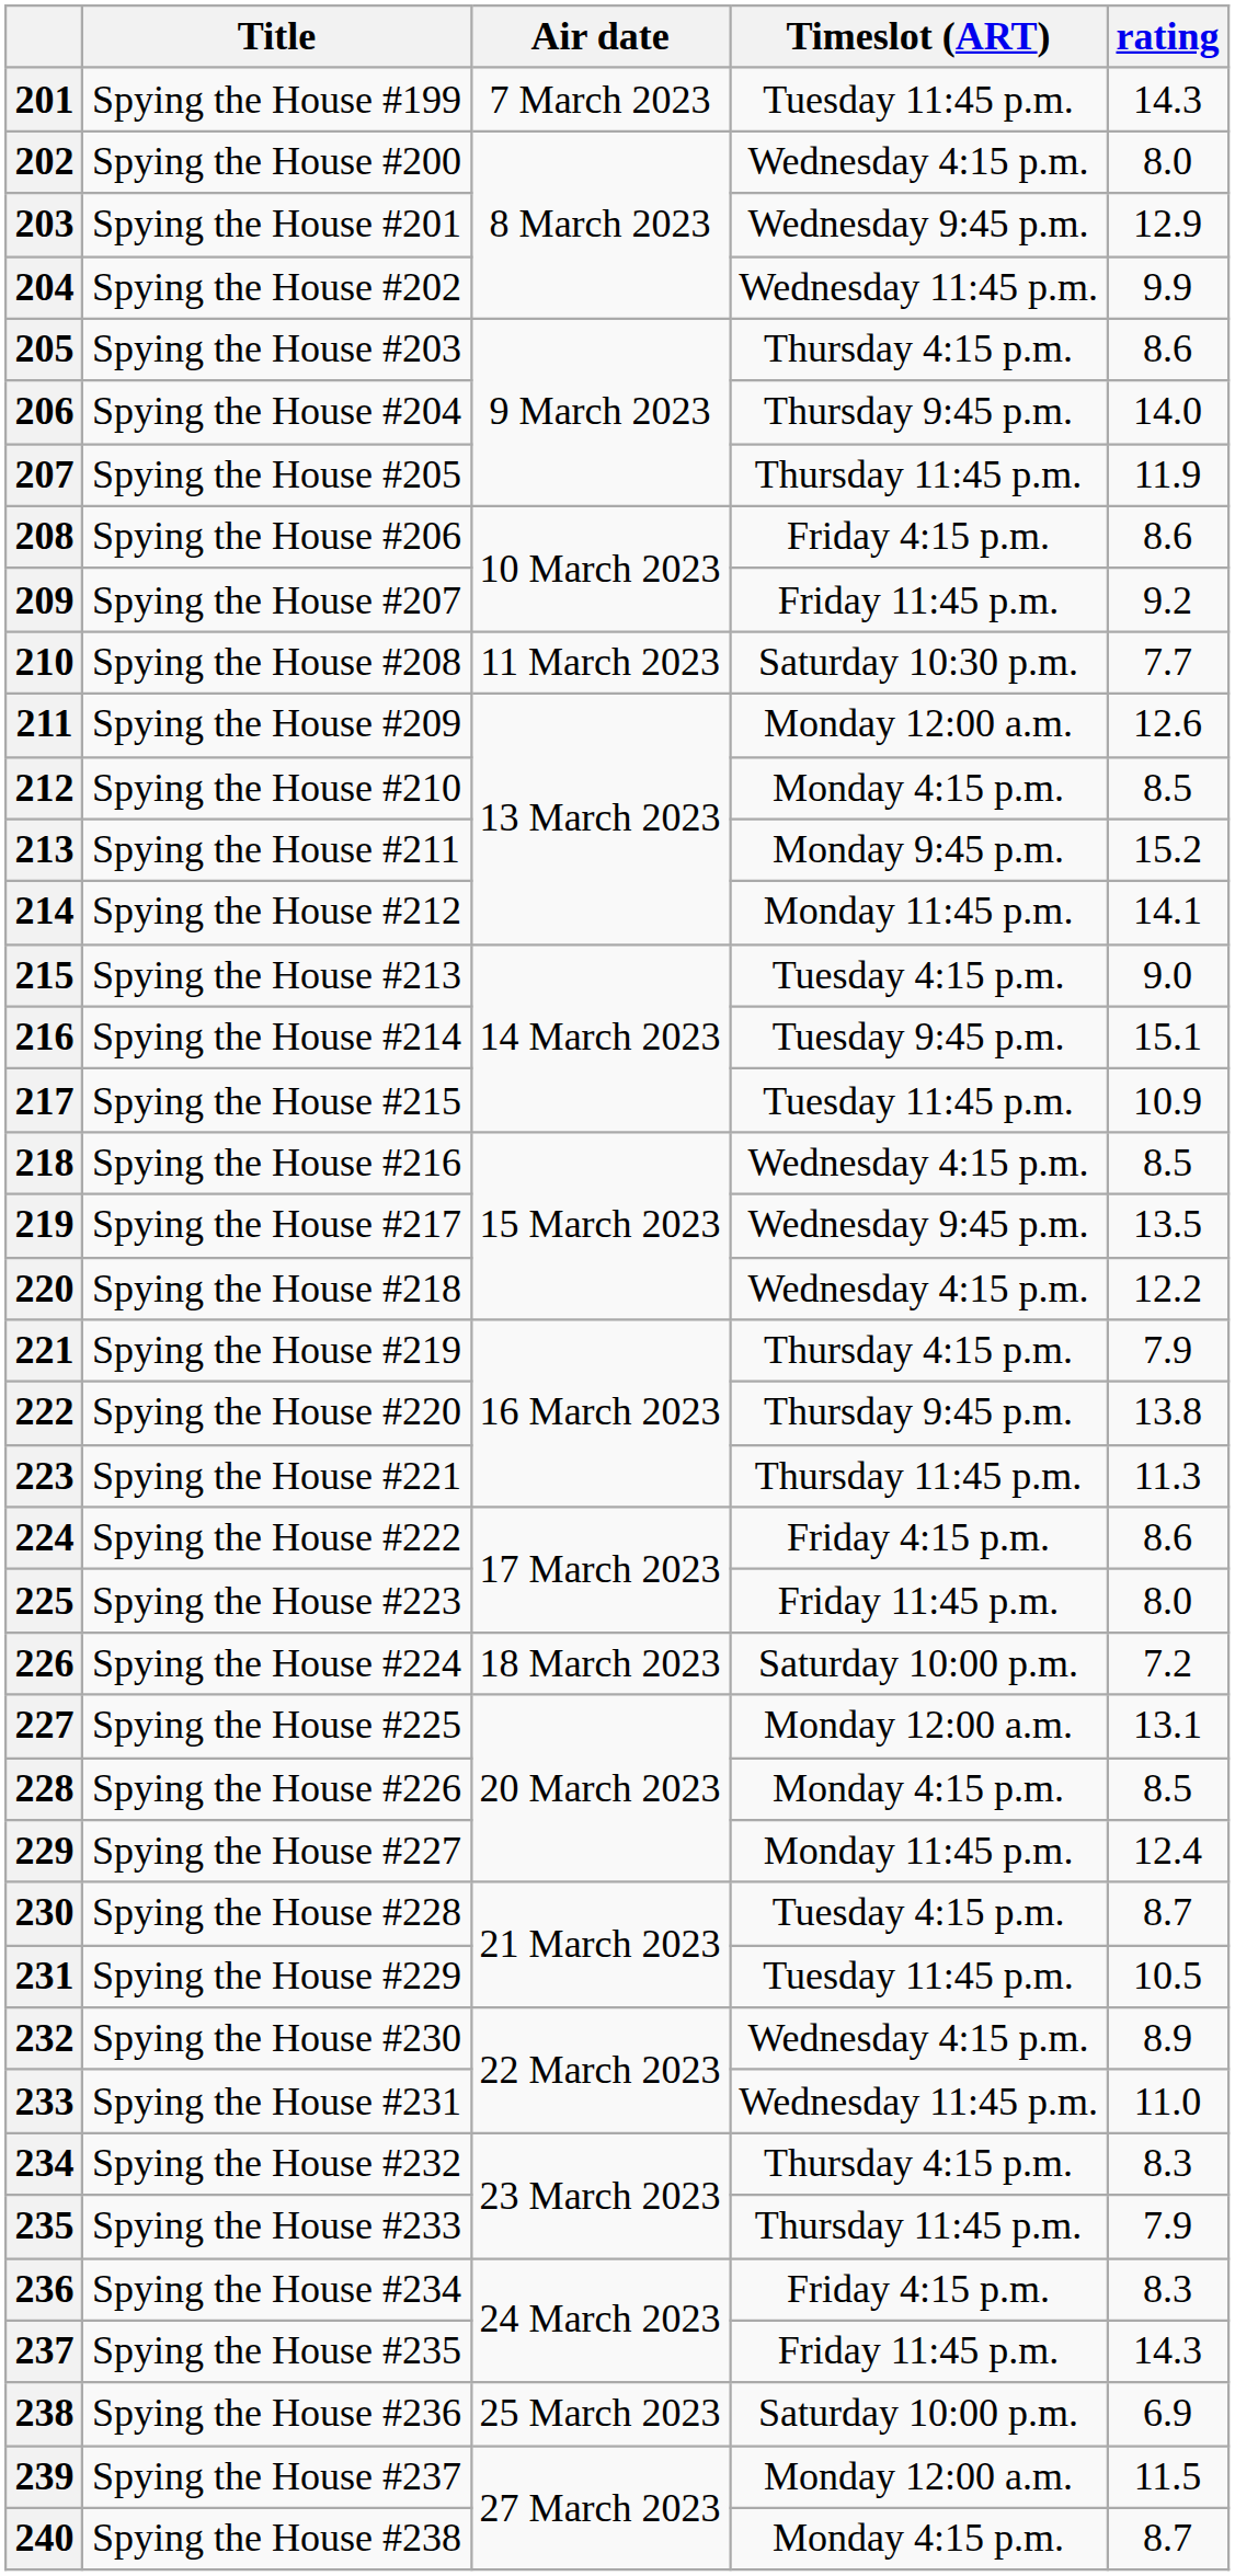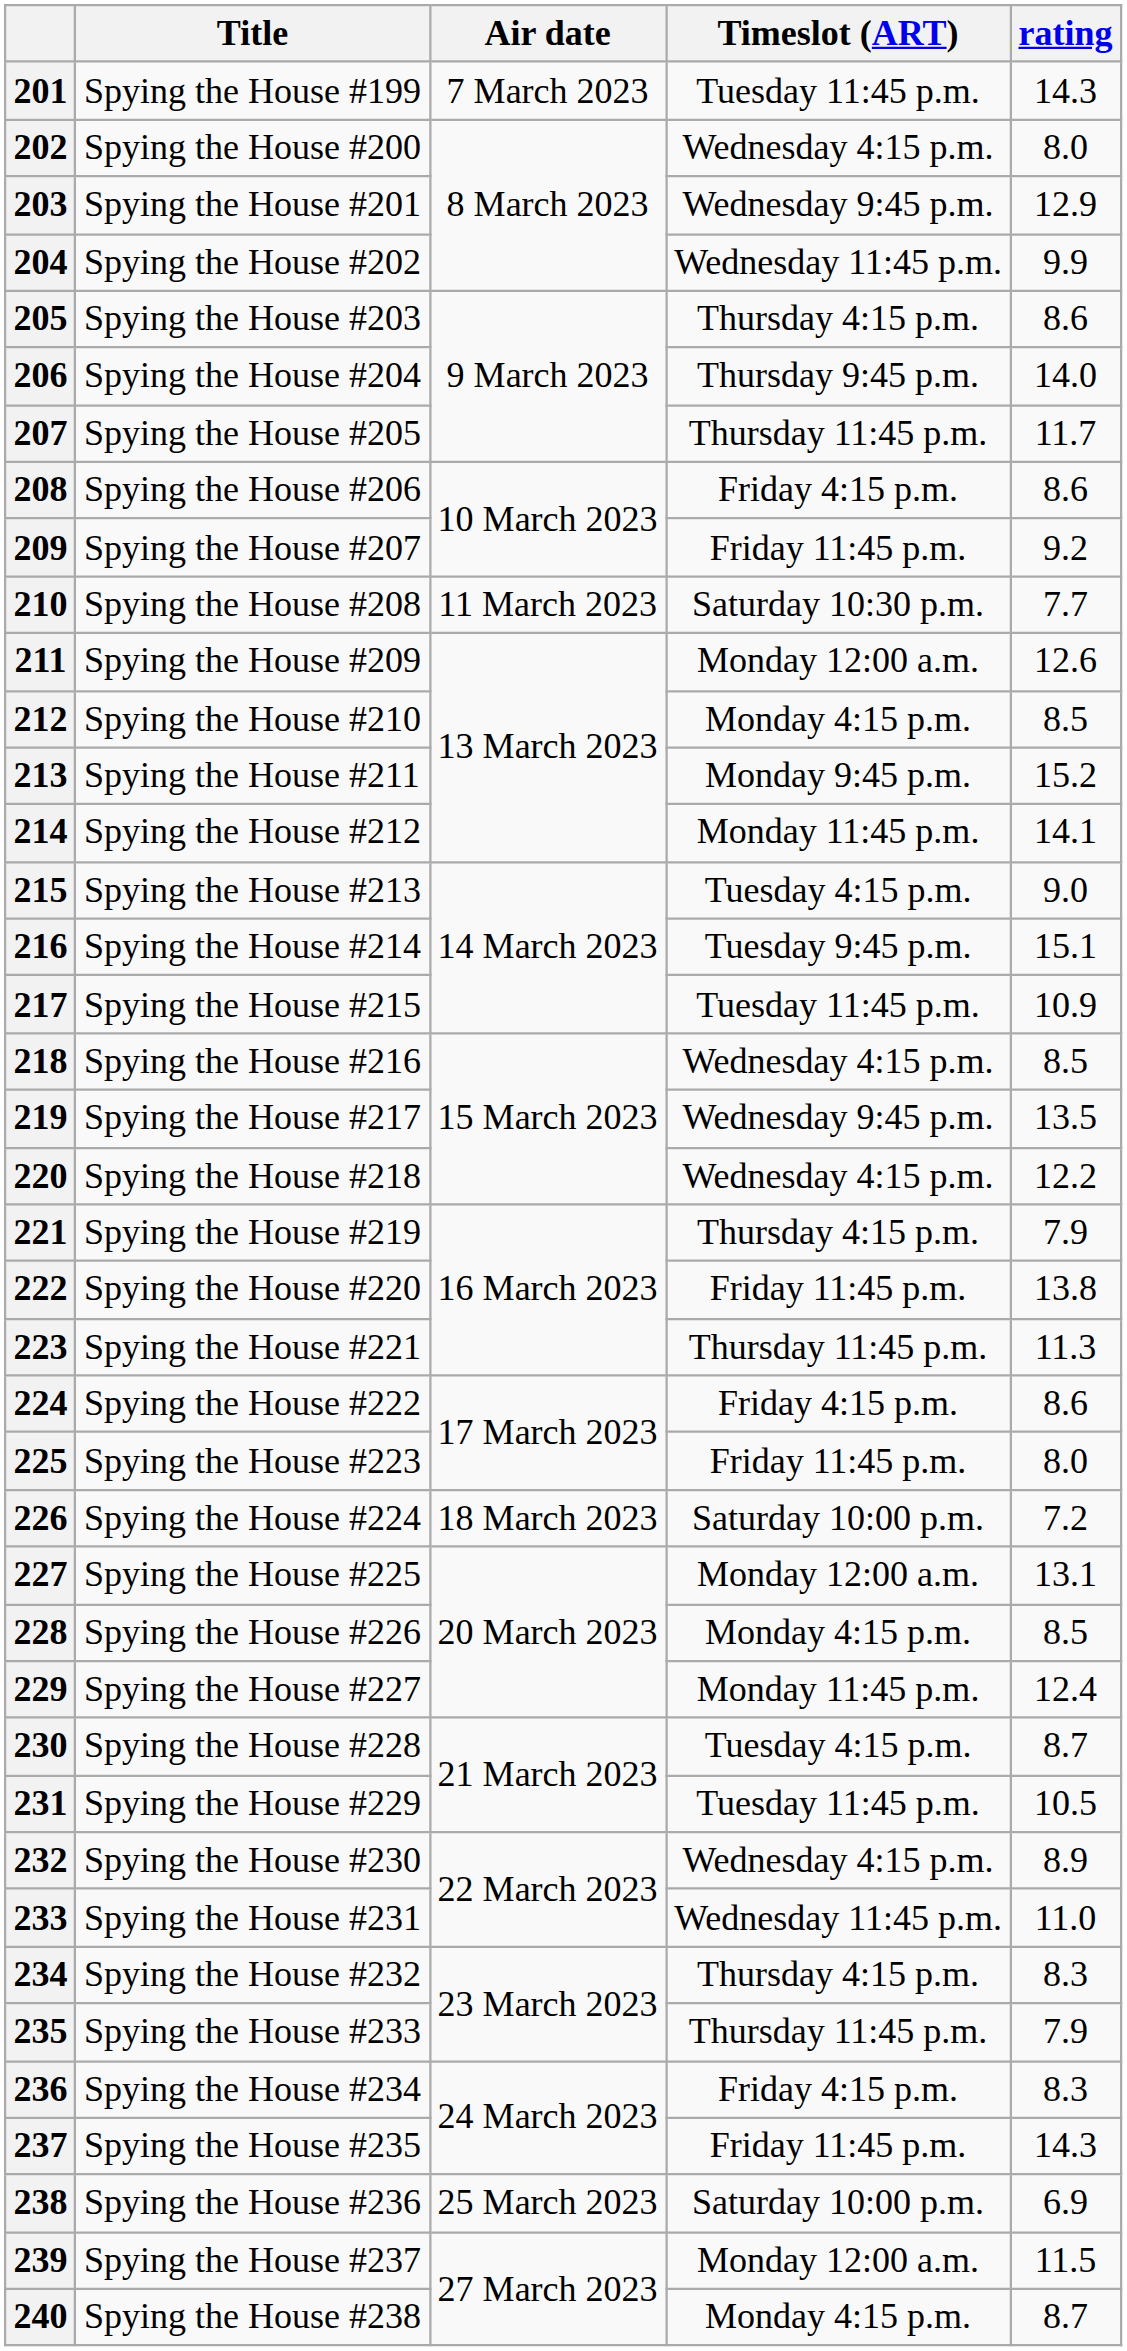 <table class="wikitable sortable plainrowheaders mw-collapsible mw-collapsed" style="text-align:center">
 <tr>
 <th></th>
 <th>Title</th>
 <th>Air date</th>
 <th>Timeslot (<a href='#'>ART</a>)</th>
 <th> <a href='#'>rating</a></th>
 </tr>
 <tr>
 <th scope="row" style="text-align:center">201</th>
 <td style="text-align: left;">Spying the House #199</td>
 <td>7 March 2023</td>
 <td>Tuesday 11:45 p.m.</td>
 <td>14.3</td>
 </tr>
 <tr>
 <th scope="row" style="text-align:center">202</th>
 <td style="text-align: left;">Spying the House #200</td>
 <td rowspan="3">8 March 2023</td>
 <td>Wednesday 4:15 p.m.</td>
 <td>8.0</td>
 </tr>
 <tr>
 <th scope="row" style="text-align:center">203</th>
 <td style="text-align: left;">Spying the House #201</td>
 <td>Wednesday 9:45 p.m.</td>
 <td>12.9</td>
 </tr>
 <tr>
 <th scope="row" style="text-align:center">204</th>
 <td style="text-align: left;">Spying the House #202</td>
 <td>Wednesday 11:45 p.m.</td>
 <td>9.9</td>
 </tr>
 <tr>
 <th scope="row" style="text-align:center">205</th>
 <td style="text-align: left;">Spying the House #203</td>
 <td rowspan="3">9 March 2023</td>
 <td>Thursday 4:15 p.m.</td>
 <td>8.6</td>
 </tr>
 <tr>
 <th scope="row" style="text-align:center">206</th>
 <td style="text-align: left;">Spying the House #204</td>
 <td>Thursday 9:45 p.m.</td>
 <td>14.0</td>
 </tr>
 <tr>
 <th scope="row" style="text-align:center">207</th>
 <td style="text-align: left;">Spying the House #205</td>
 <td>Thursday 11:45 p.m.</td>
-<td>11.9</td>
+<td>11.7</td>
 </tr>
 <tr>
 <th scope="row" style="text-align:center">208</th>
 <td style="text-align: left;">Spying the House #206</td>
 <td rowspan="2">10 March 2023</td>
 <td>Friday 4:15 p.m.</td>
 <td>8.6</td>
 </tr>
 <tr>
 <th scope="row" style="text-align:center">209</th>
 <td style="text-align: left;">Spying the House #207</td>
 <td>Friday 11:45 p.m.</td>
 <td>9.2</td>
 </tr>
 <tr>
 <th scope="row" style="text-align:center">210</th>
 <td style="text-align: left;">Spying the House #208</td>
 <td>11 March 2023</td>
 <td>Saturday 10:30 p.m.</td>
 <td>7.7</td>
 </tr>
 <tr>
 <th scope="row" style="text-align:center">211</th>
 <td style="text-align: left;">Spying the House #209</td>
 <td rowspan="4">13 March 2023</td>
 <td>Monday 12:00 a.m.</td>
 <td>12.6</td>
 </tr>
 <tr>
 <th scope="row" style="text-align:center">212</th>
 <td style="text-align: left;">Spying the House #210</td>
 <td>Monday 4:15 p.m.</td>
 <td>8.5</td>
 </tr>
 <tr>
 <th scope="row" style="text-align:center">213</th>
 <td style="text-align: left;">Spying the House #211</td>
 <td>Monday 9:45 p.m.</td>
 <td>15.2</td>
 </tr>
 <tr>
 <th scope="row" style="text-align:center">214</th>
 <td style="text-align: left;">Spying the House #212</td>
 <td>Monday 11:45 p.m.</td>
 <td>14.1</td>
 </tr>
 <tr>
 <th scope="row" style="text-align:center">215</th>
 <td style="text-align: left;">Spying the House #213</td>
 <td rowspan="3">14 March 2023</td>
 <td>Tuesday 4:15 p.m.</td>
 <td>9.0</td>
 </tr>
 <tr>
 <th scope="row" style="text-align:center">216</th>
 <td style="text-align: left;">Spying the House #214</td>
 <td>Tuesday 9:45 p.m.</td>
 <td>15.1</td>
 </tr>
 <tr>
 <th scope="row" style="text-align:center">217</th>
 <td style="text-align: left;">Spying the House #215</td>
 <td>Tuesday 11:45 p.m.</td>
 <td>10.9</td>
 </tr>
 <tr>
 <th scope="row" style="text-align:center">218</th>
 <td style="text-align: left;">Spying the House #216</td>
 <td rowspan="3">15 March 2023</td>
 <td>Wednesday 4:15 p.m.</td>
 <td>8.5</td>
 </tr>
 <tr>
 <th scope="row" style="text-align:center">219</th>
 <td style="text-align: left;">Spying the House #217</td>
 <td>Wednesday 9:45 p.m.</td>
 <td>13.5</td>
 </tr>
 <tr>
 <th scope="row" style="text-align:center">220</th>
 <td style="text-align: left;">Spying the House #218</td>
 <td>Wednesday 4:15 p.m.</td>
 <td>12.2</td>
 </tr>
 <tr>
 <th scope="row" style="text-align:center">221</th>
 <td style="text-align: left;">Spying the House #219</td>
 <td rowspan="3">16 March 2023</td>
 <td>Thursday 4:15 p.m.</td>
 <td>7.9</td>
 </tr>
 <tr>
 <th scope="row" style="text-align:center">222</th>
 <td style="text-align: left;">Spying the House #220</td>
-<td>Thursday 9:45 p.m.</td>
+<td>Friday 11:45 p.m.</td>
 <td>13.8</td>
 </tr>
 <tr>
 <th scope="row" style="text-align:center">223</th>
 <td style="text-align: left;">Spying the House #221</td>
 <td>Thursday 11:45 p.m.</td>
 <td>11.3</td>
 </tr>
 <tr>
 <th scope="row" style="text-align:center">224</th>
 <td style="text-align: left;">Spying the House #222</td>
 <td rowspan="2">17 March 2023</td>
 <td>Friday 4:15 p.m.</td>
 <td>8.6</td>
 </tr>
 <tr>
 <th scope="row" style="text-align:center">225</th>
 <td style="text-align: left;">Spying the House #223</td>
 <td>Friday 11:45 p.m.</td>
 <td>8.0</td>
 </tr>
 <tr>
 <th scope="row" style="text-align:center">226</th>
 <td style="text-align: left;">Spying the House #224</td>
 <td>18 March 2023</td>
 <td>Saturday 10:00 p.m.</td>
 <td>7.2</td>
 </tr>
 <tr>
 <th scope="row" style="text-align:center">227</th>
 <td style="text-align: left;">Spying the House #225</td>
 <td rowspan="3">20 March 2023</td>
 <td>Monday 12:00 a.m.</td>
 <td>13.1</td>
 </tr>
 <tr>
 <th scope="row" style="text-align:center">228</th>
 <td style="text-align: left;">Spying the House #226</td>
 <td>Monday 4:15 p.m.</td>
 <td>8.5</td>
 </tr>
 <tr>
 <th scope="row" style="text-align:center">229</th>
 <td style="text-align: left;">Spying the House #227</td>
 <td>Monday 11:45 p.m.</td>
 <td>12.4</td>
 </tr>
 <tr>
 <th scope="row" style="text-align:center">230</th>
 <td style="text-align: left;">Spying the House #228</td>
 <td rowspan="2">21 March 2023</td>
 <td>Tuesday 4:15 p.m.</td>
 <td>8.7</td>
 </tr>
 <tr>
 <th scope="row" style="text-align:center">231</th>
 <td style="text-align: left;">Spying the House #229</td>
 <td>Tuesday 11:45 p.m.</td>
 <td>10.5</td>
 </tr>
 <tr>
 <th scope="row" style="text-align:center">232</th>
 <td style="text-align: left;">Spying the House #230</td>
 <td rowspan="2">22 March 2023</td>
 <td>Wednesday 4:15 p.m.</td>
 <td>8.9</td>
 </tr>
 <tr>
 <th scope="row" style="text-align:center">233</th>
 <td style="text-align: left;">Spying the House #231</td>
 <td>Wednesday 11:45 p.m.</td>
 <td>11.0</td>
 </tr>
 <tr>
 <th scope="row" style="text-align:center">234</th>
 <td style="text-align: left;">Spying the House #232</td>
 <td rowspan="2">23 March 2023</td>
 <td>Thursday 4:15 p.m.</td>
 <td>8.3</td>
 </tr>
 <tr>
 <th scope="row" style="text-align:center">235</th>
 <td style="text-align: left;">Spying the House #233</td>
 <td>Thursday 11:45 p.m.</td>
 <td>7.9</td>
 </tr>
 <tr>
 <th scope="row" style="text-align:center">236</th>
 <td style="text-align: left;">Spying the House #234</td>
 <td rowspan="2">24 March 2023</td>
 <td>Friday 4:15 p.m.</td>
 <td>8.3</td>
 </tr>
 <tr>
 <th scope="row" style="text-align:center">237</th>
 <td style="text-align: left;">Spying the House #235</td>
 <td>Friday 11:45 p.m.</td>
 <td>14.3</td>
 </tr>
 <tr>
 <th scope="row" style="text-align:center">238</th>
 <td style="text-align: left;">Spying the House #236</td>
 <td>25 March 2023</td>
 <td>Saturday 10:00 p.m.</td>
 <td>6.9</td>
 </tr>
 <tr>
 <th scope="row" style="text-align:center">239</th>
 <td style="text-align: left;">Spying the House #237</td>
 <td rowspan="2">27 March 2023</td>
 <td>Monday 12:00 a.m.</td>
 <td>11.5</td>
 </tr>
 <tr>
 <th scope="row" style="text-align:center">240</th>
 <td style="text-align: left;">Spying the House #238</td>
 <td>Monday 4:15 p.m.</td>
 <td>8.7</td>
 </tr>
 </table>
